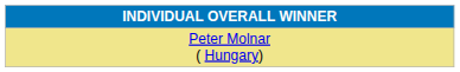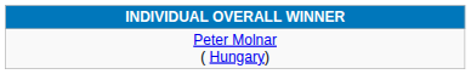 <table class="wikitable" style="font-size:125%;width:50%">
 <tr>
 <td style="background:#0077bb;color:#fff;text-align:center"><strong>INDIVIDUAL OVERALL WINNER</strong></td>
 </tr>
 <tr align=center>
-<td style="background: khaki;"><a href='#'>Peter Molnar</a><br>( <a href='#'>Hungary</a>)</td>
+<td><a href='#'>Peter Molnar</a><br>( <a href='#'>Hungary</a>)</td>
 </tr>
 </table>
